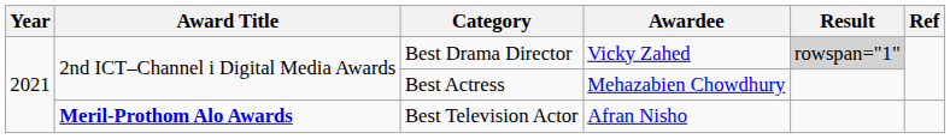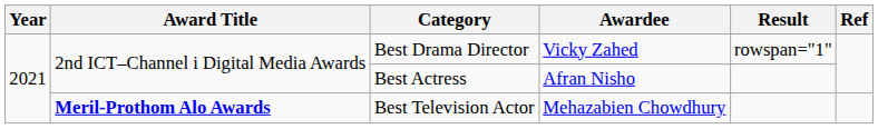 <table class="wikitable">
 <tr>
 <th>Year</th>
 <th>Award Title</th>
 <th>Category</th>
 <th>Awardee</th>
 <th>Result</th>
 <th>Ref</th>
 </tr>
 <tr>
 <td rowspan="3">2021</td>
 <td rowspan="2">2nd ICT–Channel i Digital Media Awards</td>
 <td>Best Drama Director</td>
 <td><a href='#'>Vicky Zahed</a></td>
-<td style="background: lightgrey;">rowspan="1"</td>
+<td>rowspan="1"</td>
 <td rowspan="2"></td>
 </tr>
 <tr>
 <td>Best Actress</td>
-<td><a href='#'>Mehazabien Chowdhury</a></td>
+<td><a href='#'>Afran Nisho</a></td>
 <td></td>
 </tr>
 <tr>
 <td><strong><a href='#'>Meril-Prothom Alo Awards</a></strong></td>
 <td>Best Television Actor</td>
-<td><a href='#'>Afran Nisho</a></td>
+<td><a href='#'>Mehazabien Chowdhury</a></td>
 <td></td>
 <td></td>
 </tr>
 </table>
